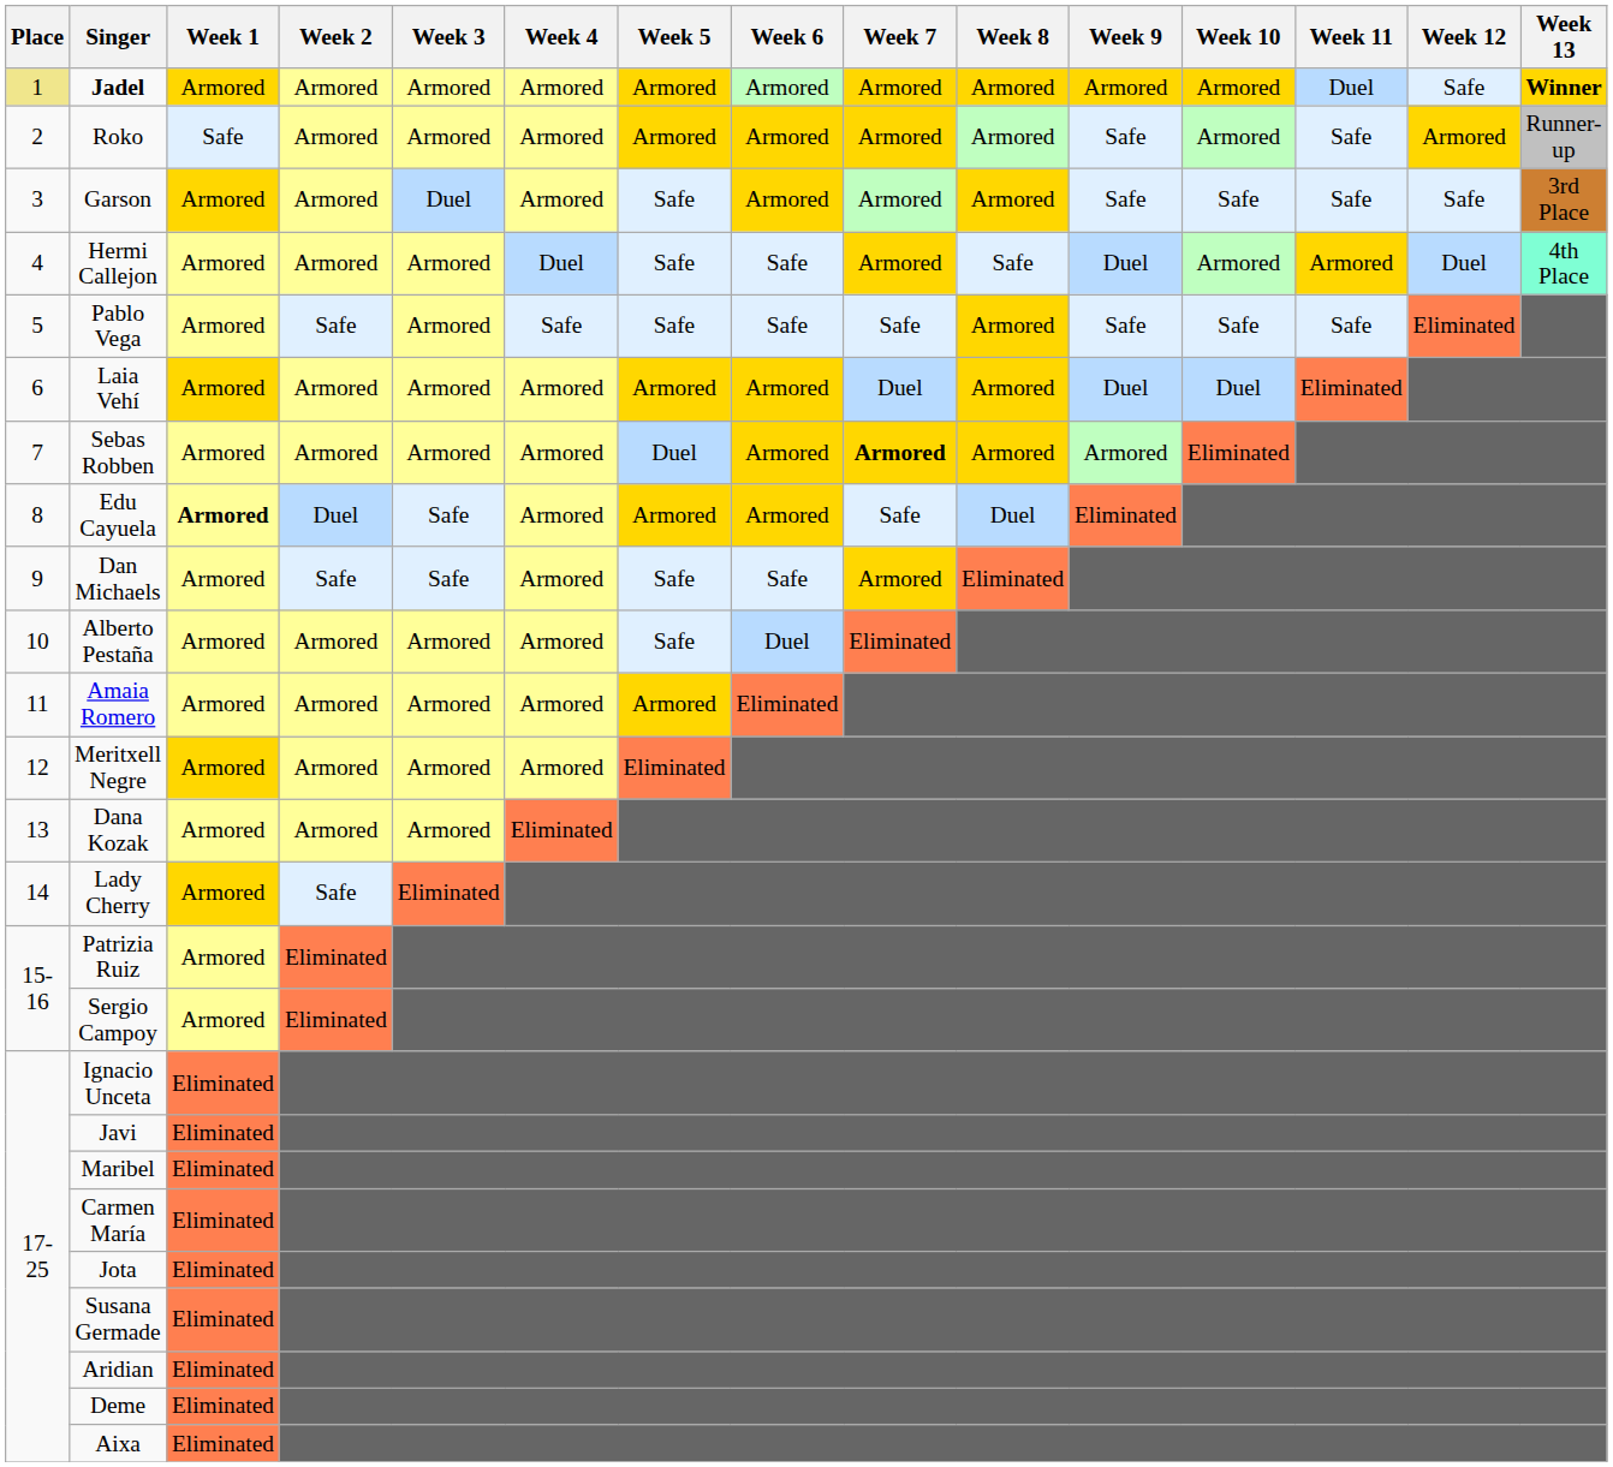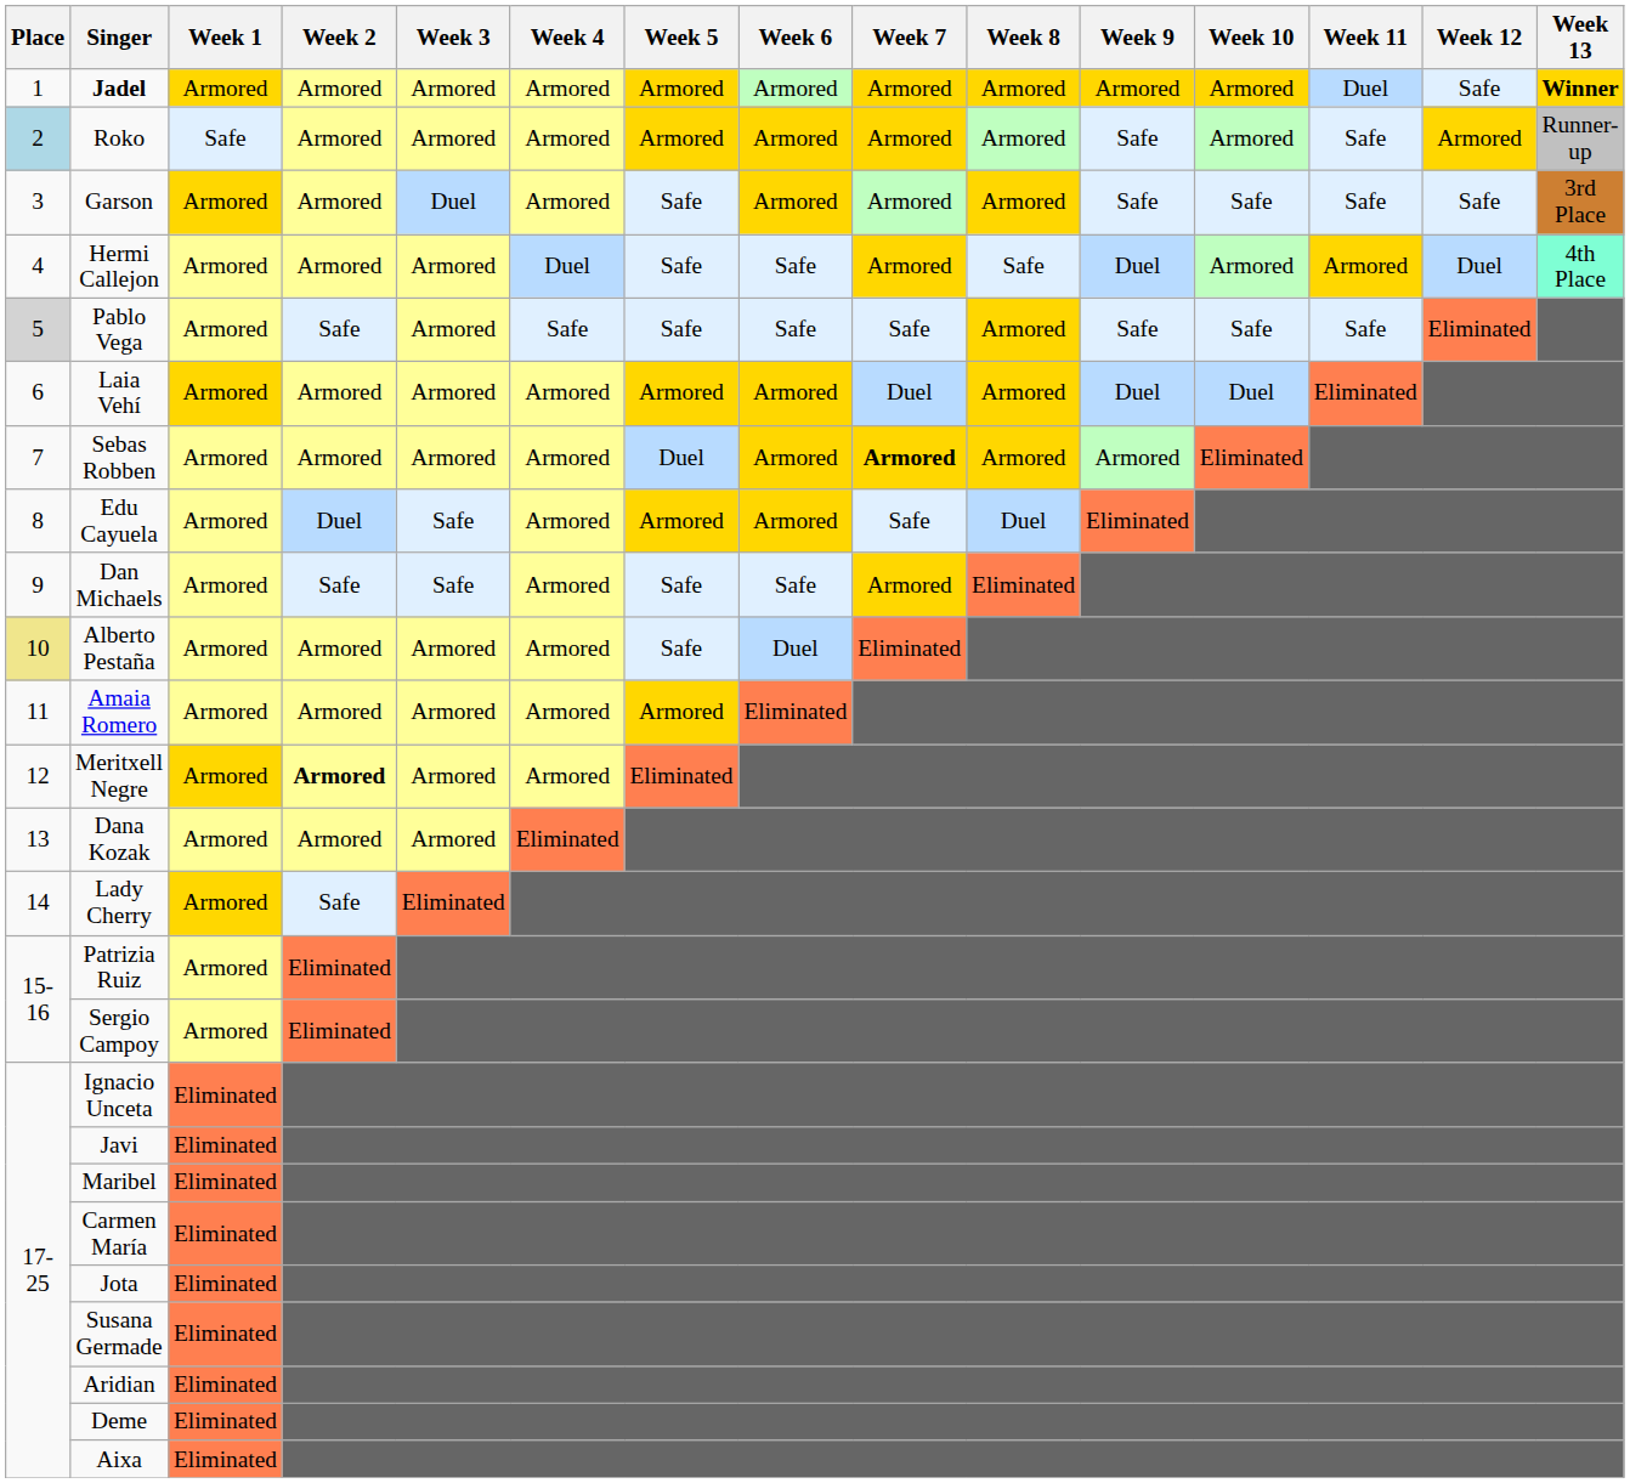 <table class="wikitable plainrowheaders" style="text-align:center">
 <tr>
 <th scope="col">Place</th>
 <th scope="col">Singer</th>
 <th scope="col">Week 1</th>
 <th scope="col">Week 2</th>
 <th scope="col">Week 3</th>
 <th scope="col">Week 4</th>
 <th scope="col">Week 5</th>
 <th scope="col">Week 6</th>
 <th scope="col">Week 7</th>
 <th scope="col">Week 8</th>
 <th scope="col">Week 9</th>
 <th scope="col">Week 10</th>
 <th scope="col">Week 11</th>
 <th scope="col">Week 12</th>
 <th scope="col">Week 13</th>
 </tr>
 <tr>
-<td style="background: khaki;">1</td>
+<td>1</td>
 <td scope="row"><strong>Jadel</strong></td>
 <td bgcolor="gold">Armored</td>
 <td bgcolor="#FFFF99">Armored</td>
 <td bgcolor="#FFFF99">Armored</td>
 <td bgcolor="#FFFF99">Armored</td>
 <td bgcolor="gold">Armored</td>
 <td bgcolor="#BFFFC0">Armored</td>
 <td bgcolor="gold">Armored</td>
 <td bgcolor="gold">Armored</td>
 <td bgcolor="gold">Armored</td>
 <td bgcolor="gold">Armored</td>
 <td bgcolor="B8DBFF">Duel</td>
 <td bgcolor="E0F0FF">Safe</td>
 <td style="background:Gold"><strong>Winner</strong></td>
 </tr>
 <tr>
-<td>2</td>
+<td style="background: lightblue;">2</td>
 <td scope="row">Roko</td>
 <td bgcolor="E0F0FF">Safe</td>
 <td bgcolor="#FFFF99">Armored</td>
 <td bgcolor="#FFFF99">Armored</td>
 <td bgcolor="#FFFF99">Armored</td>
 <td bgcolor="gold">Armored</td>
 <td bgcolor="gold">Armored</td>
 <td bgcolor="gold">Armored</td>
 <td bgcolor="#BFFFC0">Armored</td>
 <td bgcolor="E0F0FF">Safe</td>
 <td bgcolor="#BFFFC0">Armored</td>
 <td bgcolor="E0F0FF">Safe</td>
 <td bgcolor="gold">Armored</td>
 <td style="background:Silver">Runner-up</td>
 </tr>
 <tr>
 <td>3</td>
 <td scope="row">Garson</td>
 <td bgcolor="gold">Armored</td>
 <td bgcolor="#FFFF99">Armored</td>
 <td bgcolor="B8DBFF">Duel</td>
 <td bgcolor="#FFFF99">Armored</td>
 <td bgcolor="E0F0FF">Safe</td>
 <td bgcolor="gold">Armored</td>
 <td bgcolor="#BFFFC0">Armored</td>
 <td bgcolor="gold">Armored</td>
 <td bgcolor="E0F0FF">Safe</td>
 <td bgcolor="E0F0FF">Safe</td>
 <td bgcolor="E0F0FF">Safe</td>
 <td bgcolor="E0F0FF">Safe</td>
 <td style="background:#CD7F32">3rd Place</td>
 </tr>
 <tr>
 <td>4</td>
 <td scope="row">Hermi Callejon</td>
 <td bgcolor="#FFFF99">Armored</td>
 <td bgcolor="#FFFF99">Armored</td>
 <td bgcolor="#FFFF99">Armored</td>
 <td bgcolor="B8DBFF">Duel</td>
 <td bgcolor="E0F0FF">Safe</td>
 <td bgcolor="E0F0FF">Safe</td>
 <td bgcolor="gold">Armored</td>
 <td bgcolor="E0F0FF">Safe</td>
 <td bgcolor="B8DBFF">Duel</td>
 <td bgcolor="#BFFFC0">Armored</td>
 <td bgcolor="gold">Armored</td>
 <td bgcolor="B8DBFF">Duel</td>
 <td style="background:Aquamarine">4th Place</td>
 </tr>
 <tr>
-<td>5</td>
+<td style="background: lightgrey;">5</td>
 <td scope="row">Pablo Vega</td>
 <td bgcolor="#FFFF99">Armored</td>
 <td bgcolor="E0F0FF">Safe</td>
 <td bgcolor="#FFFF99">Armored</td>
 <td bgcolor="E0F0FF">Safe</td>
 <td bgcolor="E0F0FF">Safe</td>
 <td bgcolor="E0F0FF">Safe</td>
 <td bgcolor="E0F0FF">Safe</td>
 <td bgcolor="gold">Armored</td>
 <td bgcolor="E0F0FF">Safe</td>
 <td bgcolor="E0F0FF">Safe</td>
 <td bgcolor="E0F0FF">Safe</td>
 <td bgcolor="coral">Eliminated</td>
 <td bgcolor="666666"></td>
 </tr>
 <tr>
 <td>6</td>
 <td scope="row">Laia Vehí</td>
 <td bgcolor="gold">Armored</td>
 <td bgcolor="#FFFF99">Armored</td>
 <td bgcolor="#FFFF99">Armored</td>
 <td bgcolor="#FFFF99">Armored</td>
 <td bgcolor="gold">Armored</td>
 <td bgcolor="gold">Armored</td>
 <td bgcolor="B8DBFF">Duel</td>
 <td bgcolor="gold">Armored</td>
 <td bgcolor="B8DBFF">Duel</td>
 <td bgcolor="B8DBFF">Duel</td>
 <td bgcolor="coral">Eliminated</td>
 <td colspan="2" bgcolor="666666"></td>
 </tr>
 <tr>
 <td>7</td>
 <td scope="row">Sebas Robben</td>
 <td bgcolor="#FFFF99">Armored</td>
 <td bgcolor="#FFFF99">Armored</td>
 <td bgcolor="#FFFF99">Armored</td>
 <td bgcolor="#FFFF99">Armored</td>
 <td bgcolor="B8DBFF">Duel</td>
 <td bgcolor="gold">Armored</td>
 <td bgcolor="gold"><strong>Armored</strong></td>
 <td bgcolor="gold">Armored</td>
 <td bgcolor="#BFFFC0">Armored</td>
 <td bgcolor="coral">Eliminated</td>
 <td colspan="3" bgcolor="666666"></td>
 </tr>
 <tr>
 <td>8</td>
 <td scope="row">Edu Cayuela</td>
-<td bgcolor="#FFFF99"><strong>Armored</strong></td>
+<td bgcolor="#FFFF99">Armored</td>
 <td bgcolor="B8DBFF">Duel</td>
 <td bgcolor="E0F0FF">Safe</td>
 <td bgcolor="#FFFF99">Armored</td>
 <td bgcolor="gold">Armored</td>
 <td bgcolor="gold">Armored</td>
 <td bgcolor="E0F0FF">Safe</td>
 <td bgcolor="B8DBFF">Duel</td>
 <td bgcolor="coral">Eliminated</td>
 <td colspan="4" bgcolor="666666"></td>
 </tr>
 <tr>
 <td>9</td>
 <td scope="row">Dan Michaels</td>
 <td bgcolor="#FFFF99">Armored</td>
 <td bgcolor="E0F0FF">Safe</td>
 <td bgcolor="E0F0FF">Safe</td>
 <td bgcolor="#FFFF99">Armored</td>
 <td bgcolor="E0F0FF">Safe</td>
 <td bgcolor="E0F0FF">Safe</td>
 <td bgcolor="gold">Armored</td>
 <td bgcolor="coral">Eliminated</td>
 <td colspan="5" bgcolor="666666"></td>
 </tr>
 <tr>
-<td>10</td>
+<td style="background: khaki;">10</td>
 <td scope="row">Alberto Pestaña</td>
 <td bgcolor="#FFFF99">Armored</td>
 <td bgcolor="#FFFF99">Armored</td>
 <td bgcolor="#FFFF99">Armored</td>
 <td bgcolor="#FFFF99">Armored</td>
 <td bgcolor="E0F0FF">Safe</td>
 <td bgcolor="B8DBFF">Duel</td>
 <td bgcolor="coral">Eliminated</td>
 <td colspan="6" bgcolor="666666"></td>
 </tr>
 <tr>
 <td>11</td>
 <td scope="row"><a href='#'>Amaia Romero</a></td>
 <td bgcolor="#FFFF99">Armored</td>
 <td bgcolor="#FFFF99">Armored</td>
 <td bgcolor="#FFFF99">Armored</td>
 <td bgcolor="#FFFF99">Armored</td>
 <td bgcolor="gold">Armored</td>
 <td bgcolor="coral">Eliminated</td>
 <td colspan="7" bgcolor="666666"></td>
 </tr>
 <tr>
 <td>12</td>
 <td scope="row">Meritxell Negre</td>
 <td bgcolor="gold">Armored</td>
-<td bgcolor="#FFFF99">Armored</td>
+<td bgcolor="#FFFF99"><strong>Armored</strong></td>
 <td bgcolor="#FFFF99">Armored</td>
 <td bgcolor="#FFFF99">Armored</td>
 <td bgcolor="coral">Eliminated</td>
 <td colspan="8" bgcolor="666666"></td>
 </tr>
 <tr>
 <td>13</td>
 <td scope="row">Dana Kozak</td>
 <td bgcolor="#FFFF99">Armored</td>
 <td bgcolor="#FFFF99">Armored</td>
 <td bgcolor="#FFFF99">Armored</td>
 <td bgcolor="coral">Eliminated</td>
 <td colspan="9" bgcolor="666666"></td>
 </tr>
 <tr>
 <td>14</td>
 <td scope="row">Lady Cherry</td>
 <td bgcolor="gold">Armored</td>
 <td bgcolor="E0F0FF">Safe</td>
 <td bgcolor="coral">Eliminated</td>
 <td colspan="10" bgcolor="666666"></td>
 </tr>
 <tr>
 <td rowspan="2">15-16</td>
 <td scope="row">Patrizia Ruiz</td>
 <td bgcolor="#FFFF99">Armored</td>
 <td bgcolor="coral">Eliminated</td>
 <td colspan="11" bgcolor="666666"></td>
 </tr>
 <tr>
 <td scope="row">Sergio Campoy</td>
 <td bgcolor="#FFFF99">Armored</td>
 <td bgcolor="coral">Eliminated</td>
 <td colspan="11" bgcolor="666666"></td>
 </tr>
 <tr>
 <td rowspan="9">17-25</td>
 <td scope="row">Ignacio Unceta</td>
 <td bgcolor="coral">Eliminated</td>
 <td colspan="12" bgcolor="666666"></td>
 </tr>
 <tr>
 <td scope="row">Javi</td>
 <td bgcolor="coral">Eliminated</td>
 <td colspan="12" bgcolor="666666"></td>
 </tr>
 <tr>
 <td scope="row">Maribel</td>
 <td bgcolor="coral">Eliminated</td>
 <td colspan="12" bgcolor="666666"></td>
 </tr>
 <tr>
 <td scope="row">Carmen María</td>
 <td bgcolor="coral">Eliminated</td>
 <td colspan="12" bgcolor="666666"></td>
 </tr>
 <tr>
 <td scope="row">Jota</td>
 <td bgcolor="coral">Eliminated</td>
 <td colspan="12" bgcolor="666666"></td>
 </tr>
 <tr>
 <td scope="row">Susana Germade</td>
 <td bgcolor="coral">Eliminated</td>
 <td colspan="12" bgcolor="666666"></td>
 </tr>
 <tr>
 <td scope="row">Aridian</td>
 <td bgcolor="coral">Eliminated</td>
 <td colspan="12" bgcolor="666666"></td>
 </tr>
 <tr>
 <td scope="row">Deme</td>
 <td bgcolor="coral">Eliminated</td>
 <td colspan="12" bgcolor="666666"></td>
 </tr>
 <tr>
 <td scope="row">Aixa</td>
 <td bgcolor="coral">Eliminated</td>
 <td colspan="12" bgcolor="666666"></td>
 </tr>
 </table>
